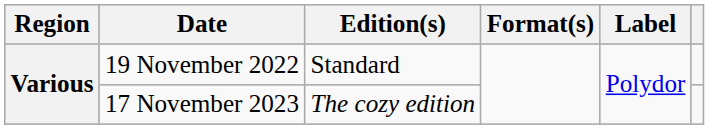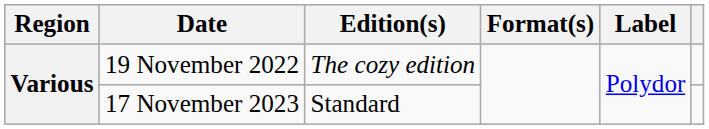 <table class="wikitable plainrowheaders">
 <tr>
 <th scope="col">Region</th>
 <th scope="col">Date</th>
 <th scope="col">Edition(s)</th>
 <th scope="col">Format(s)</th>
 <th scope="col">Label</th>
 <th scope="col"></th>
 </tr>
 <tr>
 <th rowspan="2" scope="row">Various</th>
 <td>19 November 2022</td>
-<td>Standard</td>
+<td><em>The cozy edition</em></td>
 <td rowspan="2"></td>
 <td rowspan="2"><a href='#'>Polydor</a></td>
 <td></td>
 </tr>
 <tr>
 <td>17 November 2023</td>
-<td><em>The cozy edition</em></td>
+<td>Standard</td>
 <td></td>
 </tr>
 </table>
